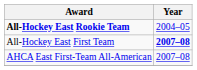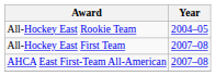 <table class="wikitable">
 <tr>
 <th>Award</th>
 <th>Year</th>
 </tr>
 <tr>
-<td><strong>All-<a href='#'>Hockey East</a> <a href='#'>Rookie Team</a></strong></td>
+<td>All-<a href='#'>Hockey East</a> <a href='#'>Rookie Team</a></td>
 <td><a href='#'>2004–05</a></td>
 </tr>
 <tr>
 <td>All-<a href='#'>Hockey East</a> <a href='#'>First Team</a></td>
-<td><strong><a href='#'>2007–08</a></strong></td>
+<td><a href='#'>2007–08</a></td>
 </tr>
 <tr>
 <td><a href='#'>AHCA</a> <a href='#'>East First-Team All-American</a></td>
 <td><a href='#'>2007–08</a></td>
 </tr>
 <tr>
 </tr>
 </table>
